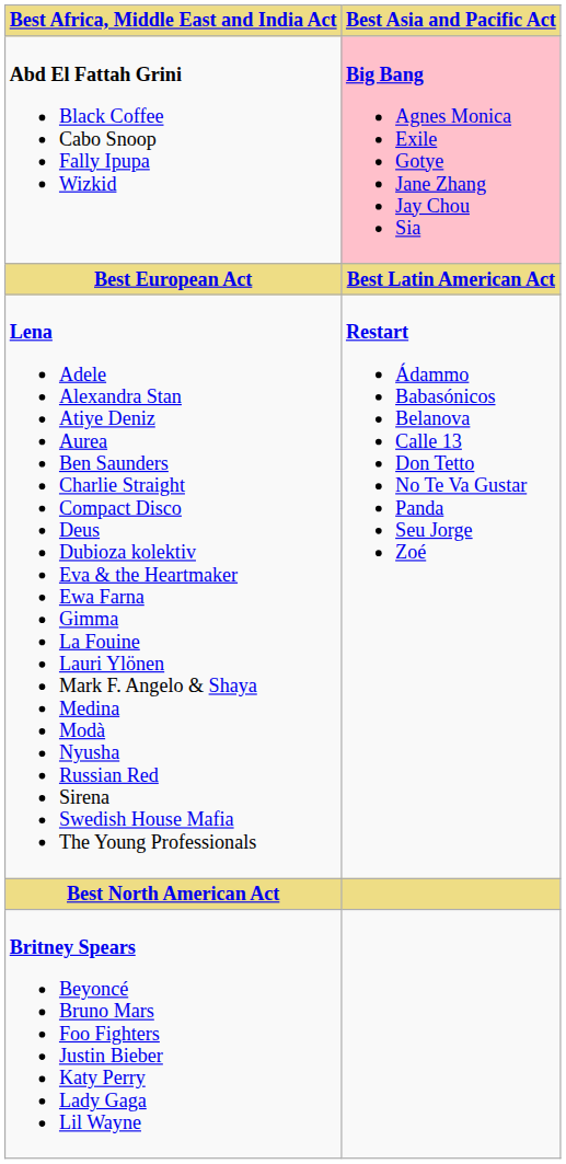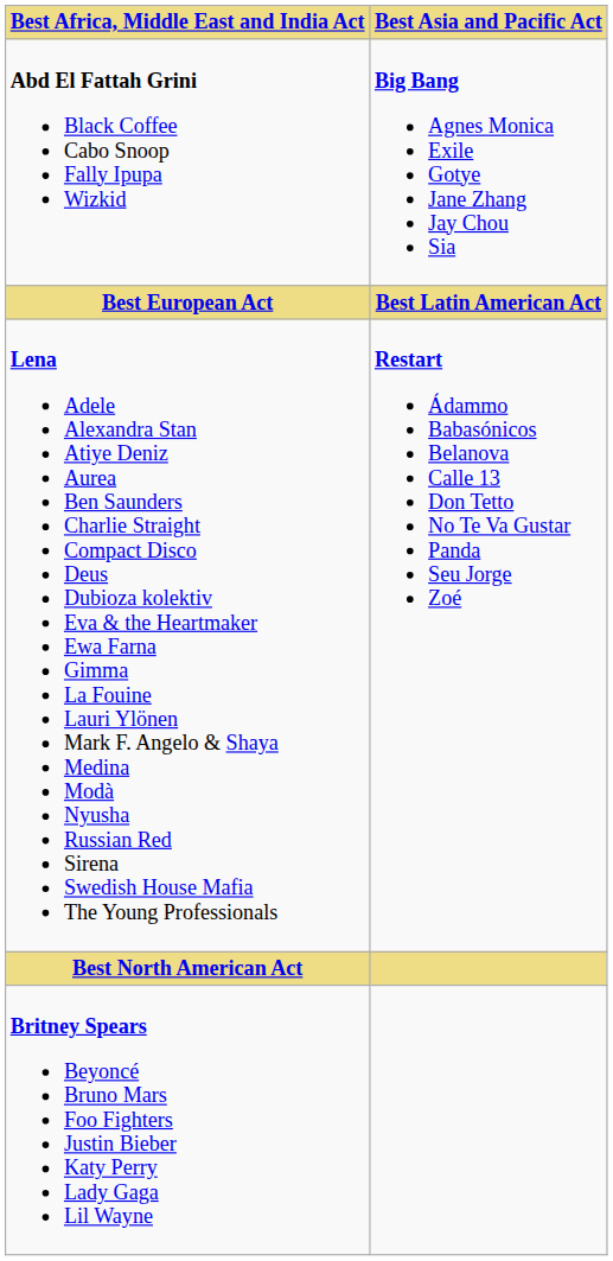 <table class=wikitable style="width=100%">
 <tr>
 <th style="background:#EEDD85; width=50%"><a href='#'>Best Africa, Middle East and India Act</a></th>
 <th style="background:#EEDD85; width=50%"><a href='#'>Best Asia and Pacific Act</a></th>
 </tr>
 <tr>
 <td valign="top"><br><strong>Abd El Fattah Grini</strong><ul><li><a href='#'>Black Coffee</a></li><li>Cabo Snoop</li><li><a href='#'>Fally Ipupa</a></li><li><a href='#'>Wizkid</a></li></ul></td>
-<td valign="top" style="background: pink;"><br><strong><a href='#'>Big Bang</a></strong><ul><li><a href='#'>Agnes Monica</a></li><li><a href='#'>Exile</a></li><li><a href='#'>Gotye</a></li><li><a href='#'>Jane Zhang</a></li><li><a href='#'>Jay Chou</a></li><li><a href='#'>Sia</a></li></ul></td>
+<td valign="top"><br><strong><a href='#'>Big Bang</a></strong><ul><li><a href='#'>Agnes Monica</a></li><li><a href='#'>Exile</a></li><li><a href='#'>Gotye</a></li><li><a href='#'>Jane Zhang</a></li><li><a href='#'>Jay Chou</a></li><li><a href='#'>Sia</a></li></ul></td>
 </tr>
 <tr>
 <th style="background:#EEDD85; width=50%"><a href='#'>Best European Act</a></th>
 <th style="background:#EEDD85; width=50%"><a href='#'>Best Latin American Act</a></th>
 </tr>
 <tr>
 <td valign="top"><br><strong><a href='#'>Lena</a></strong><ul><li><a href='#'>Adele</a></li><li><a href='#'>Alexandra Stan</a></li><li><a href='#'>Atiye Deniz</a></li><li><a href='#'>Aurea</a></li><li><a href='#'>Ben Saunders</a></li><li><a href='#'>Charlie Straight</a></li><li><a href='#'>Compact Disco</a></li><li><a href='#'>Deus</a></li><li><a href='#'>Dubioza kolektiv</a></li><li><a href='#'>Eva & the Heartmaker</a></li><li><a href='#'>Ewa Farna</a></li><li><a href='#'>Gimma</a></li><li><a href='#'>La Fouine</a></li><li><a href='#'>Lauri Ylönen</a></li><li>Mark F. Angelo & <a href='#'>Shaya</a></li><li><a href='#'>Medina</a></li><li><a href='#'>Modà</a></li><li><a href='#'>Nyusha</a></li><li><a href='#'>Russian Red</a></li><li>Sirena</li><li><a href='#'>Swedish House Mafia</a></li><li>The Young Professionals</li></ul></td>
 <td valign="top"><br><strong><a href='#'>Restart</a></strong><ul><li><a href='#'>Ádammo</a></li><li><a href='#'>Babasónicos</a></li><li><a href='#'>Belanova</a></li><li><a href='#'>Calle 13</a></li><li><a href='#'>Don Tetto</a></li><li><a href='#'>No Te Va Gustar</a></li><li><a href='#'>Panda</a></li><li><a href='#'>Seu Jorge</a></li><li><a href='#'>Zoé</a></li></ul></td>
 </tr>
 <tr>
 <th style="background:#EEDD85; width=50%"><a href='#'>Best North American Act</a></th>
 <th style="background:#EEDD85; width=50%"></th>
 </tr>
 <tr>
 <td valign="top"><br><strong><a href='#'>Britney Spears</a></strong><ul><li><a href='#'>Beyoncé</a></li><li><a href='#'>Bruno Mars</a></li><li><a href='#'>Foo Fighters</a></li><li><a href='#'>Justin Bieber</a></li><li><a href='#'>Katy Perry</a></li><li><a href='#'>Lady Gaga</a></li><li><a href='#'>Lil Wayne</a></li></ul></td>
 <td valign="top"></td>
 </tr>
 </table>
